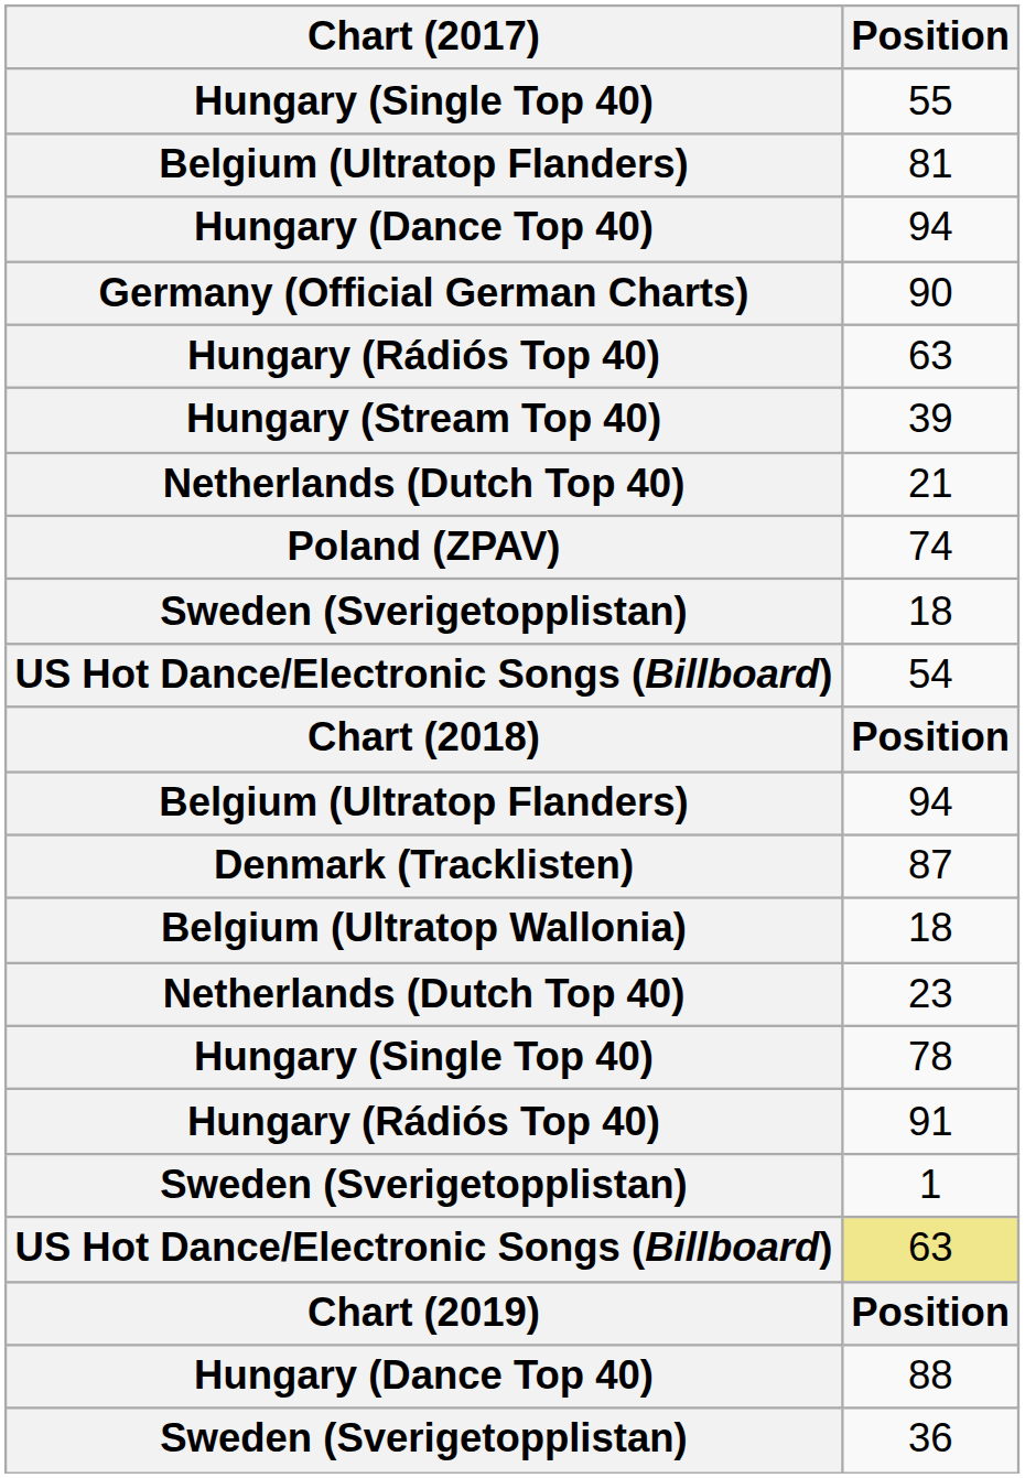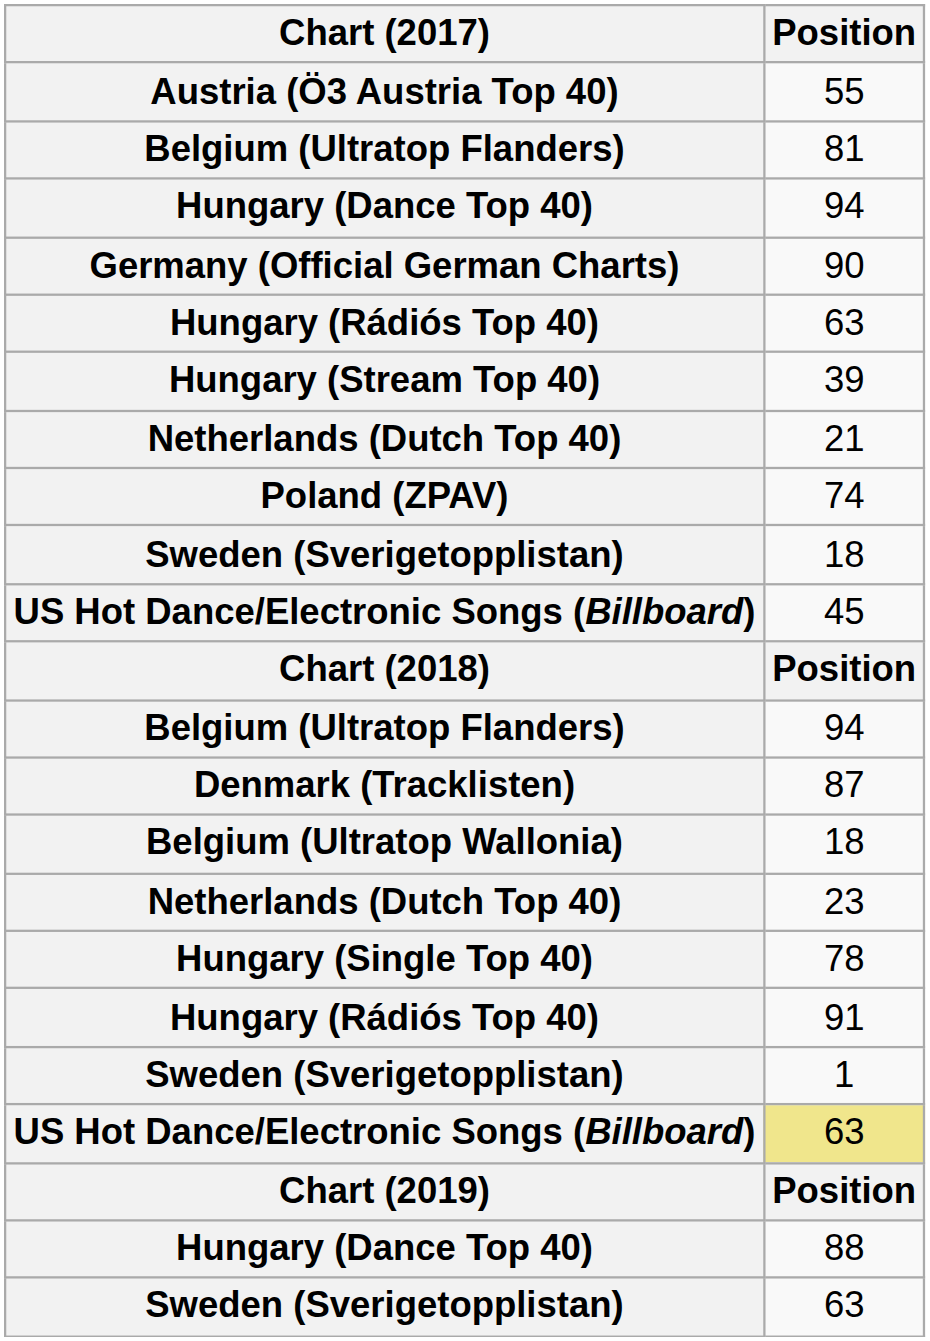 <table class="wikitable sortable plainrowheaders" style="text-align:center">
 <tr>
 <th scope="col">Chart (2017)</th>
 <th scope="col">Position</th>
 </tr>
 <tr>
-<th scope="row">Hungary (Single Top 40)</th>
+<th scope="row">Austria (Ö3 Austria Top 40)</th>
 <td>55</td>
 </tr>
 <tr>
 <th scope="row">Belgium (Ultratop Flanders)</th>
 <td>81</td>
 </tr>
 <tr>
 <th scope="row">Hungary (Dance Top 40)</th>
 <td>94</td>
 </tr>
 <tr>
 <th scope="row">Germany (Official German Charts)</th>
 <td>90</td>
 </tr>
 <tr>
 <th scope="row">Hungary (Rádiós Top 40)</th>
 <td>63</td>
 </tr>
 <tr>
 <th scope="row">Hungary (Stream Top 40)</th>
 <td>39</td>
 </tr>
 <tr>
 <th scope="row">Netherlands (Dutch Top 40)</th>
 <td>21</td>
 </tr>
 <tr>
 <th scope="row">Poland (ZPAV)</th>
 <td>74</td>
 </tr>
 <tr>
 <th scope="row">Sweden (Sverigetopplistan)</th>
 <td>18</td>
 </tr>
 <tr>
 <th scope="row">US Hot Dance/Electronic Songs (<em>Billboard</em>)</th>
-<td>54</td>
+<td>45</td>
 </tr>
 <tr>
 <th scope="col">Chart (2018)</th>
 <th scope="col">Position</th>
 </tr>
 <tr>
 <th scope="row">Belgium (Ultratop Flanders)</th>
 <td>94</td>
 </tr>
 <tr>
 <th scope="row">Denmark (Tracklisten)</th>
 <td>87</td>
 </tr>
 <tr>
 <th scope="row">Belgium (Ultratop Wallonia)</th>
 <td>18</td>
 </tr>
 <tr>
 <th scope="row">Netherlands (Dutch Top 40)</th>
 <td>23</td>
 </tr>
 <tr>
 <th scope="row">Hungary (Single Top 40)</th>
 <td>78</td>
 </tr>
 <tr>
 <th scope="row">Hungary (Rádiós Top 40)</th>
 <td>91</td>
 </tr>
 <tr>
 <th scope="row">Sweden (Sverigetopplistan)</th>
 <td>1</td>
 </tr>
 <tr>
 <th scope="row">US Hot Dance/Electronic Songs (<em>Billboard</em>)</th>
 <td style="background: khaki;">63</td>
 </tr>
 <tr>
 <th scope="col">Chart (2019)</th>
 <th scope="col">Position</th>
 </tr>
 <tr>
 <th scope="row">Hungary (Dance Top 40)</th>
 <td>88</td>
 </tr>
 <tr>
 <th scope="row">Sweden (Sverigetopplistan)</th>
-<td>36</td>
+<td>63</td>
 </tr>
 </table>
